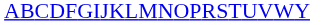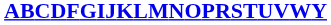 <table id=toc class=toc summary=Class>
 <tr>
 <th></th>
 </tr>
 <tr>
-<td style="text-align:center;"><a href='#'>A</a><a href='#'>B</a><a href='#'>C</a><a href='#'>D</a><a href='#'>F</a><a href='#'>G</a><a href='#'>I</a><a href='#'>J</a><a href='#'>K</a><a href='#'>L</a><a href='#'>M</a><a href='#'>N</a><a href='#'>O</a><a href='#'>P</a><a href='#'>R</a><a href='#'>S</a><a href='#'>T</a><a href='#'>U</a><a href='#'>V</a><a href='#'>W</a><a href='#'>Y</a></td>
+<td style="text-align:center;"><strong><a href='#'>A</a><a href='#'>B</a><a href='#'>C</a><a href='#'>D</a><a href='#'>F</a><a href='#'>G</a><a href='#'>I</a><a href='#'>J</a><a href='#'>K</a><a href='#'>L</a><a href='#'>M</a><a href='#'>N</a><a href='#'>O</a><a href='#'>P</a><a href='#'>R</a><a href='#'>S</a><a href='#'>T</a><a href='#'>U</a><a href='#'>V</a><a href='#'>W</a><a href='#'>Y</a></strong></td>
 </tr>
 </table>
